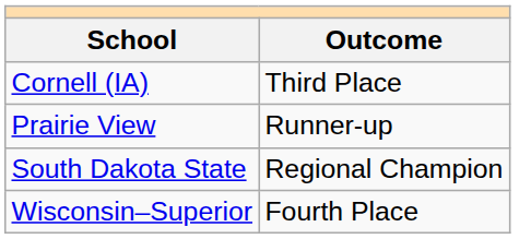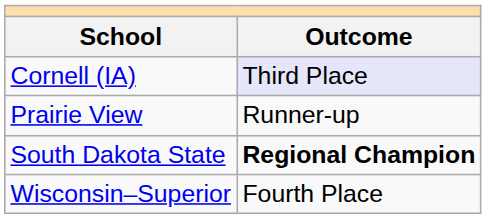 <table class="wikitable" style="float:left; margin-right:1em;">
 <tr>
 <th colspan="3" style="background:#ffdead;"></th>
 </tr>
 <tr>
 <th>School</th>
 <th>Outcome</th>
 </tr>
 <tr>
 <td><a href='#'>Cornell (IA)</a></td>
-<td>Third Place</td>
+<td style="background: lavender;">Third Place</td>
 </tr>
 <tr>
 <td><a href='#'>Prairie View</a></td>
 <td>Runner-up</td>
 </tr>
 <tr>
 <td><a href='#'>South Dakota State</a></td>
-<td>Regional Champion</td>
+<td><strong>Regional Champion</strong></td>
 </tr>
 <tr>
 <td><a href='#'>Wisconsin–Superior</a></td>
 <td>Fourth Place</td>
 </tr>
 </table>
